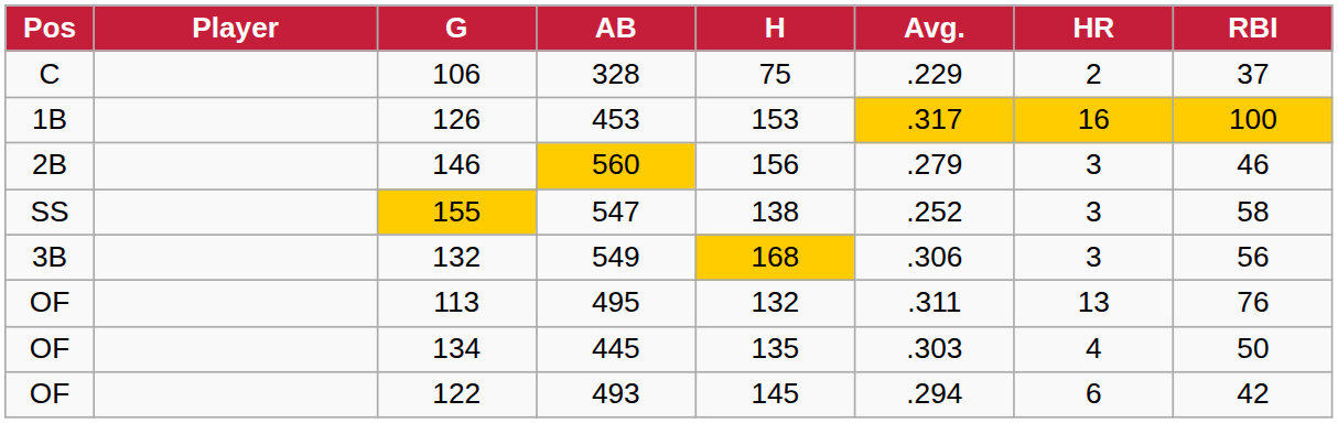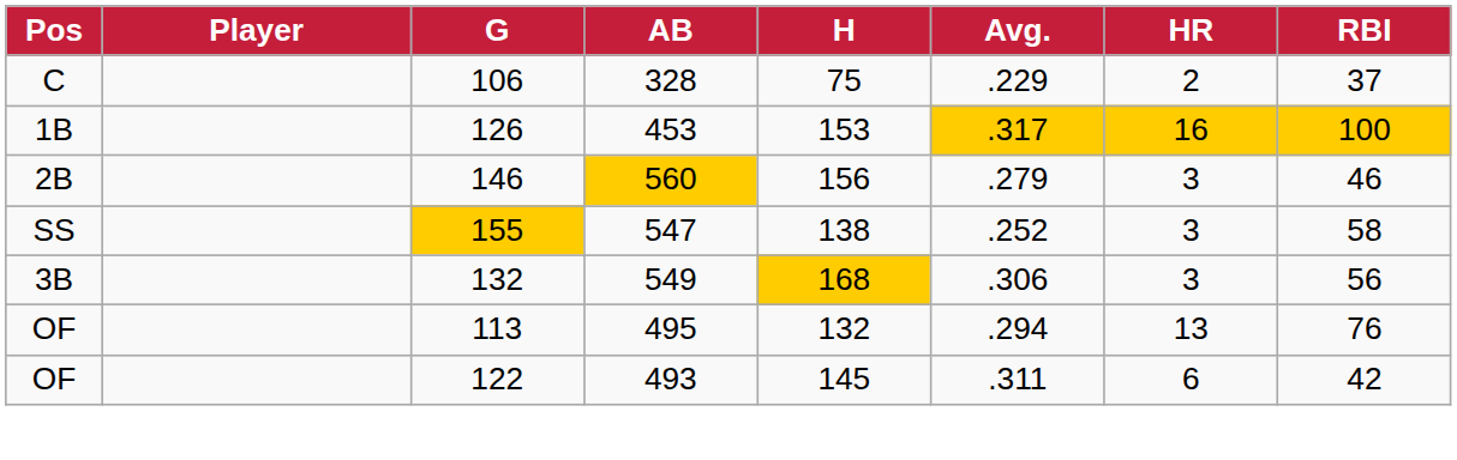 <table class="wikitable sortable">
 <tr>
 <th style="background:#c41e3a;color:white;" width="5%">Pos</th>
 <th style="background:#c41e3a;color:white;" width="16%">Player</th>
 <th style="background:#c41e3a;color:white;" width="9%">G</th>
 <th style="background:#c41e3a;color:white;" width="9%">AB</th>
 <th style="background:#c41e3a;color:white;" width="9%">H</th>
 <th style="background:#c41e3a;color:white;" width="9%">Avg.</th>
 <th style="background:#c41e3a;color:white;" width="9%">HR</th>
 <th style="background:#c41e3a;color:white;" width="9%">RBI</th>
 </tr>
 <tr align="center">
 <td>C</td>
 <td></td>
 <td>106</td>
 <td>328</td>
 <td>75</td>
 <td>.229</td>
 <td>2</td>
 <td>37</td>
 </tr>
 <tr align="center">
 <td>1B</td>
 <td></td>
 <td>126</td>
 <td>453</td>
 <td>153</td>
 <td style="background:#fc0;">.317</td>
 <td style="background:#fc0;">16</td>
 <td style="background:#fc0;">100</td>
 </tr>
 <tr align="center">
 <td>2B</td>
 <td></td>
 <td>146</td>
 <td style="background:#fc0;">560</td>
 <td>156</td>
 <td>.279</td>
 <td>3</td>
 <td>46</td>
 </tr>
 <tr align="center">
 <td>SS</td>
 <td></td>
 <td style="background:#fc0;">155</td>
 <td>547</td>
 <td>138</td>
 <td>.252</td>
 <td>3</td>
 <td>58</td>
 </tr>
 <tr align="center">
 <td>3B</td>
 <td></td>
 <td>132</td>
 <td>549</td>
 <td style="background:#fc0;">168</td>
 <td>.306</td>
 <td>3</td>
 <td>56</td>
 </tr>
 <tr align="center">
 <td>OF</td>
 <td></td>
 <td>113</td>
 <td>495</td>
 <td>132</td>
-<td>.311</td>
+<td>.294</td>
 <td>13</td>
 <td>76</td>
-</tr>
-<tr align="center">
-<td>OF</td>
-<td></td>
-<td>134</td>
-<td>445</td>
-<td>135</td>
-<td>.303</td>
-<td>4</td>
-<td>50</td>
 </tr>
 <tr align="center">
 <td>OF</td>
 <td></td>
 <td>122</td>
 <td>493</td>
 <td>145</td>
-<td>.294</td>
+<td>.311</td>
 <td>6</td>
 <td>42</td>
 </tr>
 </table>
